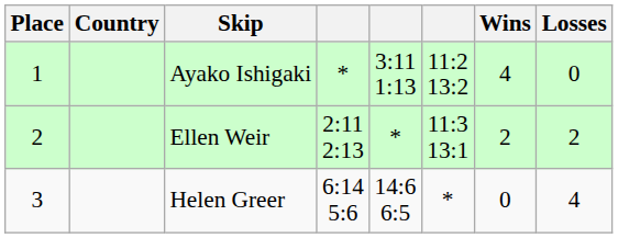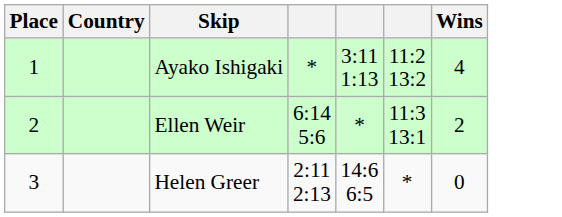 <table class="wikitable" style="text-align:center;">
 <tr>
 <th>Place</th>
 <th>Country</th>
 <th>Skip</th>
 <th width="25"></th>
 <th width="25"></th>
 <th width="25"></th>
 <th>Wins</th>
-<th>Losses</th>
 </tr>
 <tr bgcolor=#ccffcc>
 <td>1</td>
 <td align=left></td>
 <td align=left>Ayako Ishigaki</td>
 <td>*</td>
 <td>3:11<br>1:13</td>
 <td>11:2<br>13:2</td>
 <td>4</td>
-<td>0</td>
 </tr>
 <tr bgcolor=#ccffcc>
 <td>2</td>
 <td align=left></td>
 <td align=left>Ellen Weir</td>
-<td>2:11<br>2:13</td>
+<td>6:14<br> 5:6</td>
 <td>*</td>
 <td>11:3<br>13:1</td>
-<td>2</td>
 <td>2</td>
 </tr>
 <tr>
 <td>3</td>
 <td align=left></td>
 <td align=left>Helen Greer</td>
-<td>6:14<br> 5:6</td>
+<td>2:11<br>2:13</td>
 <td>14:6<br> 6:5</td>
 <td>*</td>
 <td>0</td>
-<td>4</td>
 </tr>
 </table>
